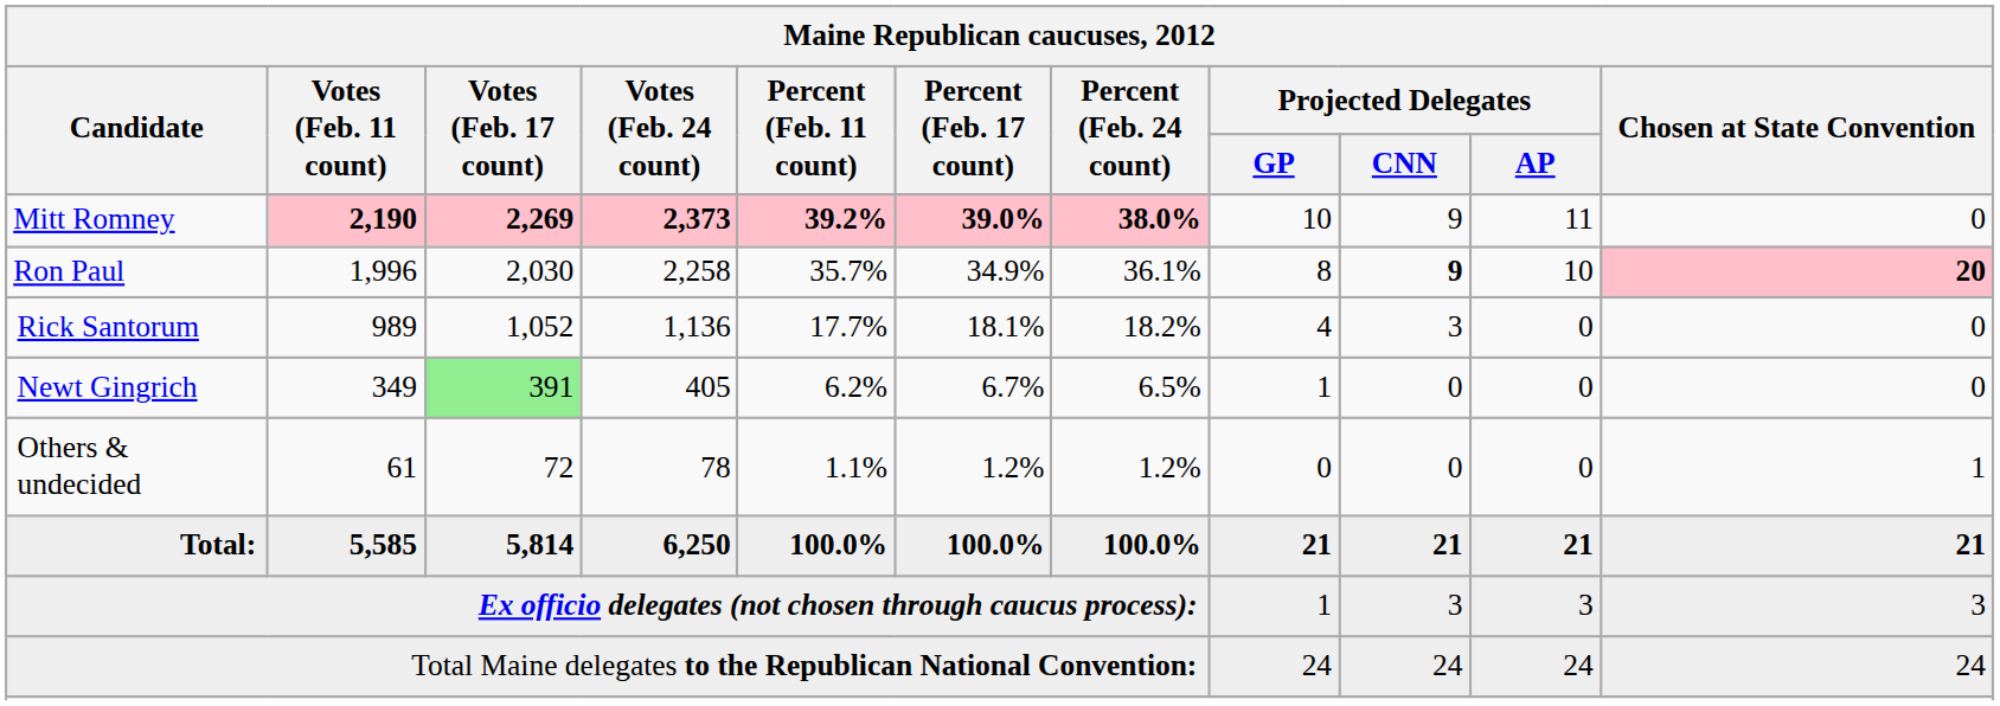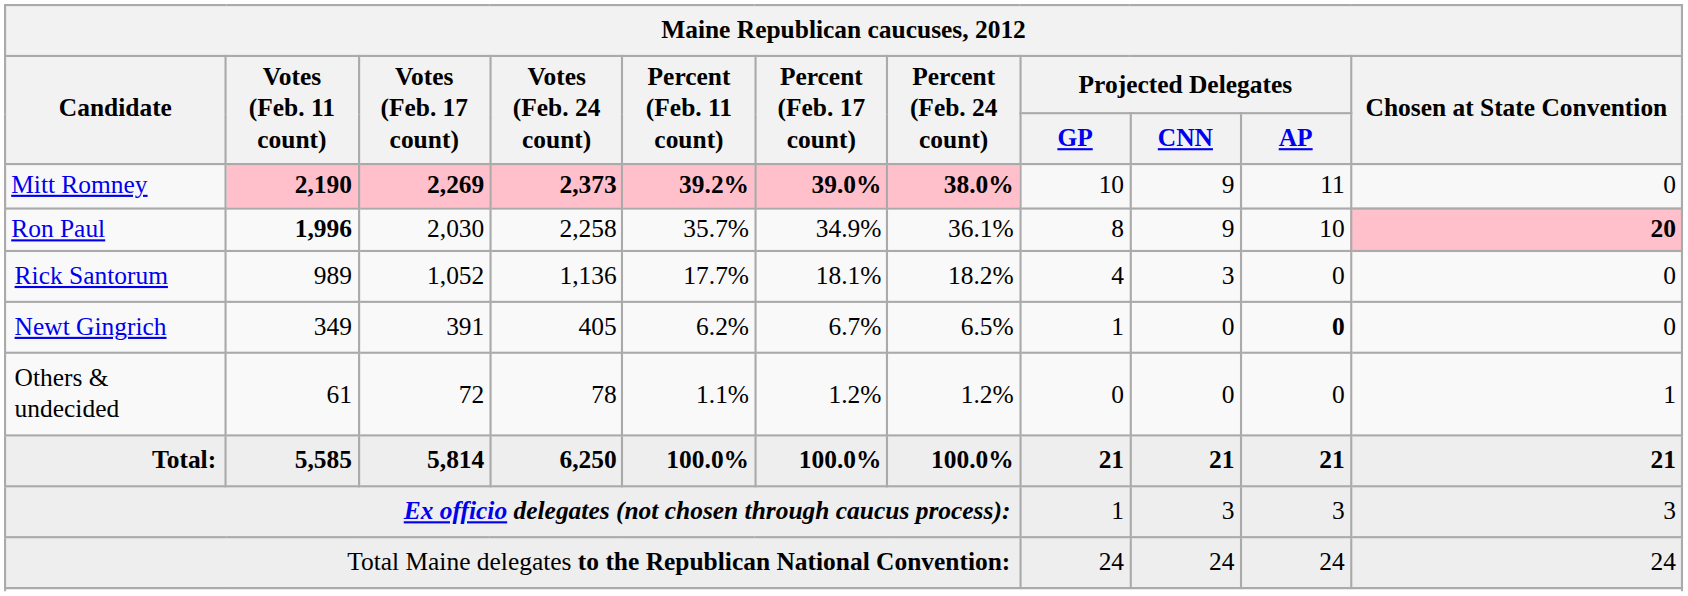 <table class="wikitable" style="font-size:12px; width:50%">
 <tr bgcolor="#e9e9e9">
 <th colspan="11" style="padding:4px;">Maine Republican caucuses, 2012</th>
 </tr>
 <tr bgcolor="#eeeeee">
 <th rowspan="2" style="width:10%">Candidate</th>
 <th rowspan="2" style="width:6%;">Votes<br> (Feb. 11<br> count)</th>
 <th rowspan="2" style="width:6%;">Votes<br> (Feb. 17<br> count)</th>
 <th rowspan="2" style="width:6%;">Votes<br> (Feb. 24<br> count)</th>
 <th rowspan="2" style="width:6%;">Percent<br> (Feb. 11<br> count)</th>
 <th rowspan="2" style="width:6%;">Percent<br> (Feb. 17<br> count)</th>
 <th rowspan="2" style="width:6%;">Percent<br> (Feb. 24<br> count)</th>
 <th colspan="3" style="width:15%; padding:4px;">Projected Delegates</th>
 <th rowspan="2" style="width:15%;">Chosen at State Convention </th>
 </tr>
 <tr bgcolor="#eeeeee">
 <th style="width:5%;"><a href='#'>GP</a></th>
 <th style="width:5%;"><a href='#'>CNN</a></th>
 <th style="width:5%;"><a href='#'>AP</a></th>
 </tr>
 <tr style="text-align:right; background:pink">
 <td style="text-align:left; background:#f8f8f8"><a href='#'>Mitt Romney</a></td>
 <td><strong>2,190</strong></td>
 <td><strong>2,269</strong></td>
 <td><strong>2,373</strong></td>
 <td><strong>39.2%</strong></td>
 <td><strong>39.0%</strong></td>
 <td><strong>38.0%</strong></td>
 <td style="background:#f8f8f8">10</td>
 <td style="background:#f8f8f8">9</td>
 <td style="background:#f8f8f8">11</td>
 <td style="background:#f8f8f8">0</td>
 </tr>
 <tr style="text-align:right;">
 <td style="text-align:left"><a href='#'>Ron Paul</a></td>
-<td>1,996</td>
+<td><strong>1,996</strong></td>
 <td>2,030</td>
 <td>2,258</td>
 <td>35.7%</td>
 <td>34.9%</td>
 <td>36.1%</td>
 <td>8</td>
-<td><strong>9</strong></td>
+<td>9</td>
 <td>10</td>
 <td bgcolor="pink"><strong>20</strong></td>
 </tr>
 <tr style="text-align:right;">
 <td style="text-align:left; padding:4px;"><a href='#'>Rick Santorum</a></td>
 <td>989</td>
 <td>1,052</td>
 <td>1,136</td>
 <td>17.7%</td>
 <td>18.1%</td>
 <td>18.2%</td>
 <td>4</td>
 <td>3</td>
 <td>0</td>
 <td>0</td>
 </tr>
 <tr style="text-align:right;">
 <td style="text-align:left; padding:4px;"><a href='#'>Newt Gingrich</a></td>
 <td>349</td>
-<td style="background: lightgreen;">391</td>
+<td>391</td>
 <td>405</td>
 <td>6.2%</td>
 <td>6.7%</td>
 <td>6.5%</td>
 <td>1</td>
 <td>0</td>
-<td>0</td>
+<td><strong>0</strong></td>
 <td>0</td>
 </tr>
 <tr style="text-align:right;">
 <td style="text-align:left; padding:4px;">Others & undecided</td>
 <td>61</td>
 <td>72</td>
 <td>78</td>
 <td>1.1%</td>
 <td>1.2%</td>
 <td>1.2%</td>
 <td>0</td>
 <td>0</td>
 <td>0</td>
 <td>1</td>
 </tr>
 <tr bgcolor="#eeeeee" style="text-align:right;">
 <td style="padding:4px;"><strong>Total:</strong></td>
 <td><strong>5,585</strong></td>
 <td><strong>5,814</strong></td>
 <td><strong>6,250</strong></td>
 <td><strong>100.0%</strong></td>
 <td><strong>100.0%</strong></td>
 <td><strong>100.0%</strong></td>
 <td><strong>21</strong></td>
 <td><strong>21</strong></td>
 <td><strong>21</strong></td>
 <td><strong>21</strong></td>
 </tr>
 <tr style="text-align:right; background:#eee;">
 <td colspan="7" style="padding:4px;"><strong><em><a href='#'>Ex officio</a><em> delegates<strong> (not chosen through caucus process):</td>
 <td></strong>1<strong></td>
 <td></strong>3<strong></td>
 <td></strong>3<strong></td>
 <td></strong>3<strong></td>
 </tr>
 <tr style="text-align:right; background:#eee;">
 <td colspan="7" style="padding:4px;"></strong>Total Maine delegates<strong> to the Republican National Convention:</td>
 <td></strong>24<strong></td>
 <td></strong>24<strong></td>
 <td></strong>24<strong></td>
 <td></strong>24<strong></td>
 </tr>
 <tr>
 </tr>
 <tr>
 </tr>
 </table>
